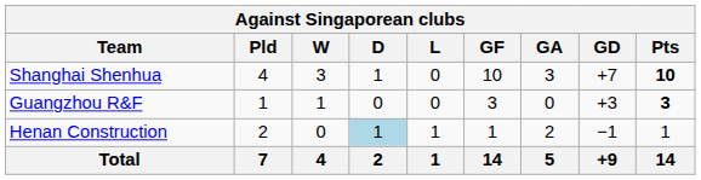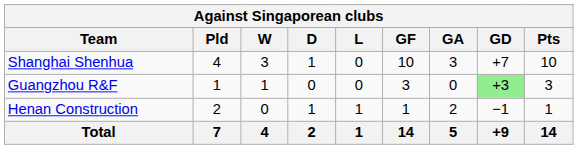 <table width=70% class="wikitable" style="text-align:center">
 <tr>
 <th colspan=9>Against Singaporean clubs</th>
 </tr>
 <tr>
 <th width=20%>Team</th>
 <th width=5%>Pld</th>
 <th width=5%>W</th>
 <th width=5%>D</th>
 <th width=5%>L</th>
 <th width=5%>GF</th>
 <th width=5%>GA</th>
 <th width=5%>GD</th>
 <th width=5%>Pts</th>
 </tr>
 <tr>
 <td align=left> <a href='#'>Shanghai Shenhua</a></td>
 <td>4</td>
 <td>3</td>
 <td>1</td>
 <td>0</td>
 <td>10</td>
 <td>3</td>
 <td>+7</td>
-<td><strong>10</strong></td>
+<td>10</td>
 </tr>
 <tr>
 <td align=left> <a href='#'>Guangzhou R&F</a></td>
 <td>1</td>
 <td>1</td>
 <td>0</td>
 <td>0</td>
 <td>3</td>
 <td>0</td>
-<td>+3</td>
-<td><strong>3</strong></td>
+<td style="background: lightgreen;">+3</td>
+<td>3</td>
 </tr>
 <tr>
 <td align=left> <a href='#'>Henan Construction</a></td>
 <td>2</td>
 <td>0</td>
-<td style="background: lightblue;">1</td>
+<td>1</td>
 <td>1</td>
 <td>1</td>
 <td>2</td>
 <td>−1</td>
 <td>1</td>
 </tr>
 <tr>
 <th>Total</th>
 <th>7</th>
 <th>4</th>
 <th>2</th>
 <th>1</th>
 <th>14</th>
 <th>5</th>
 <th>+9</th>
 <th>14</th>
 </tr>
 </table>
